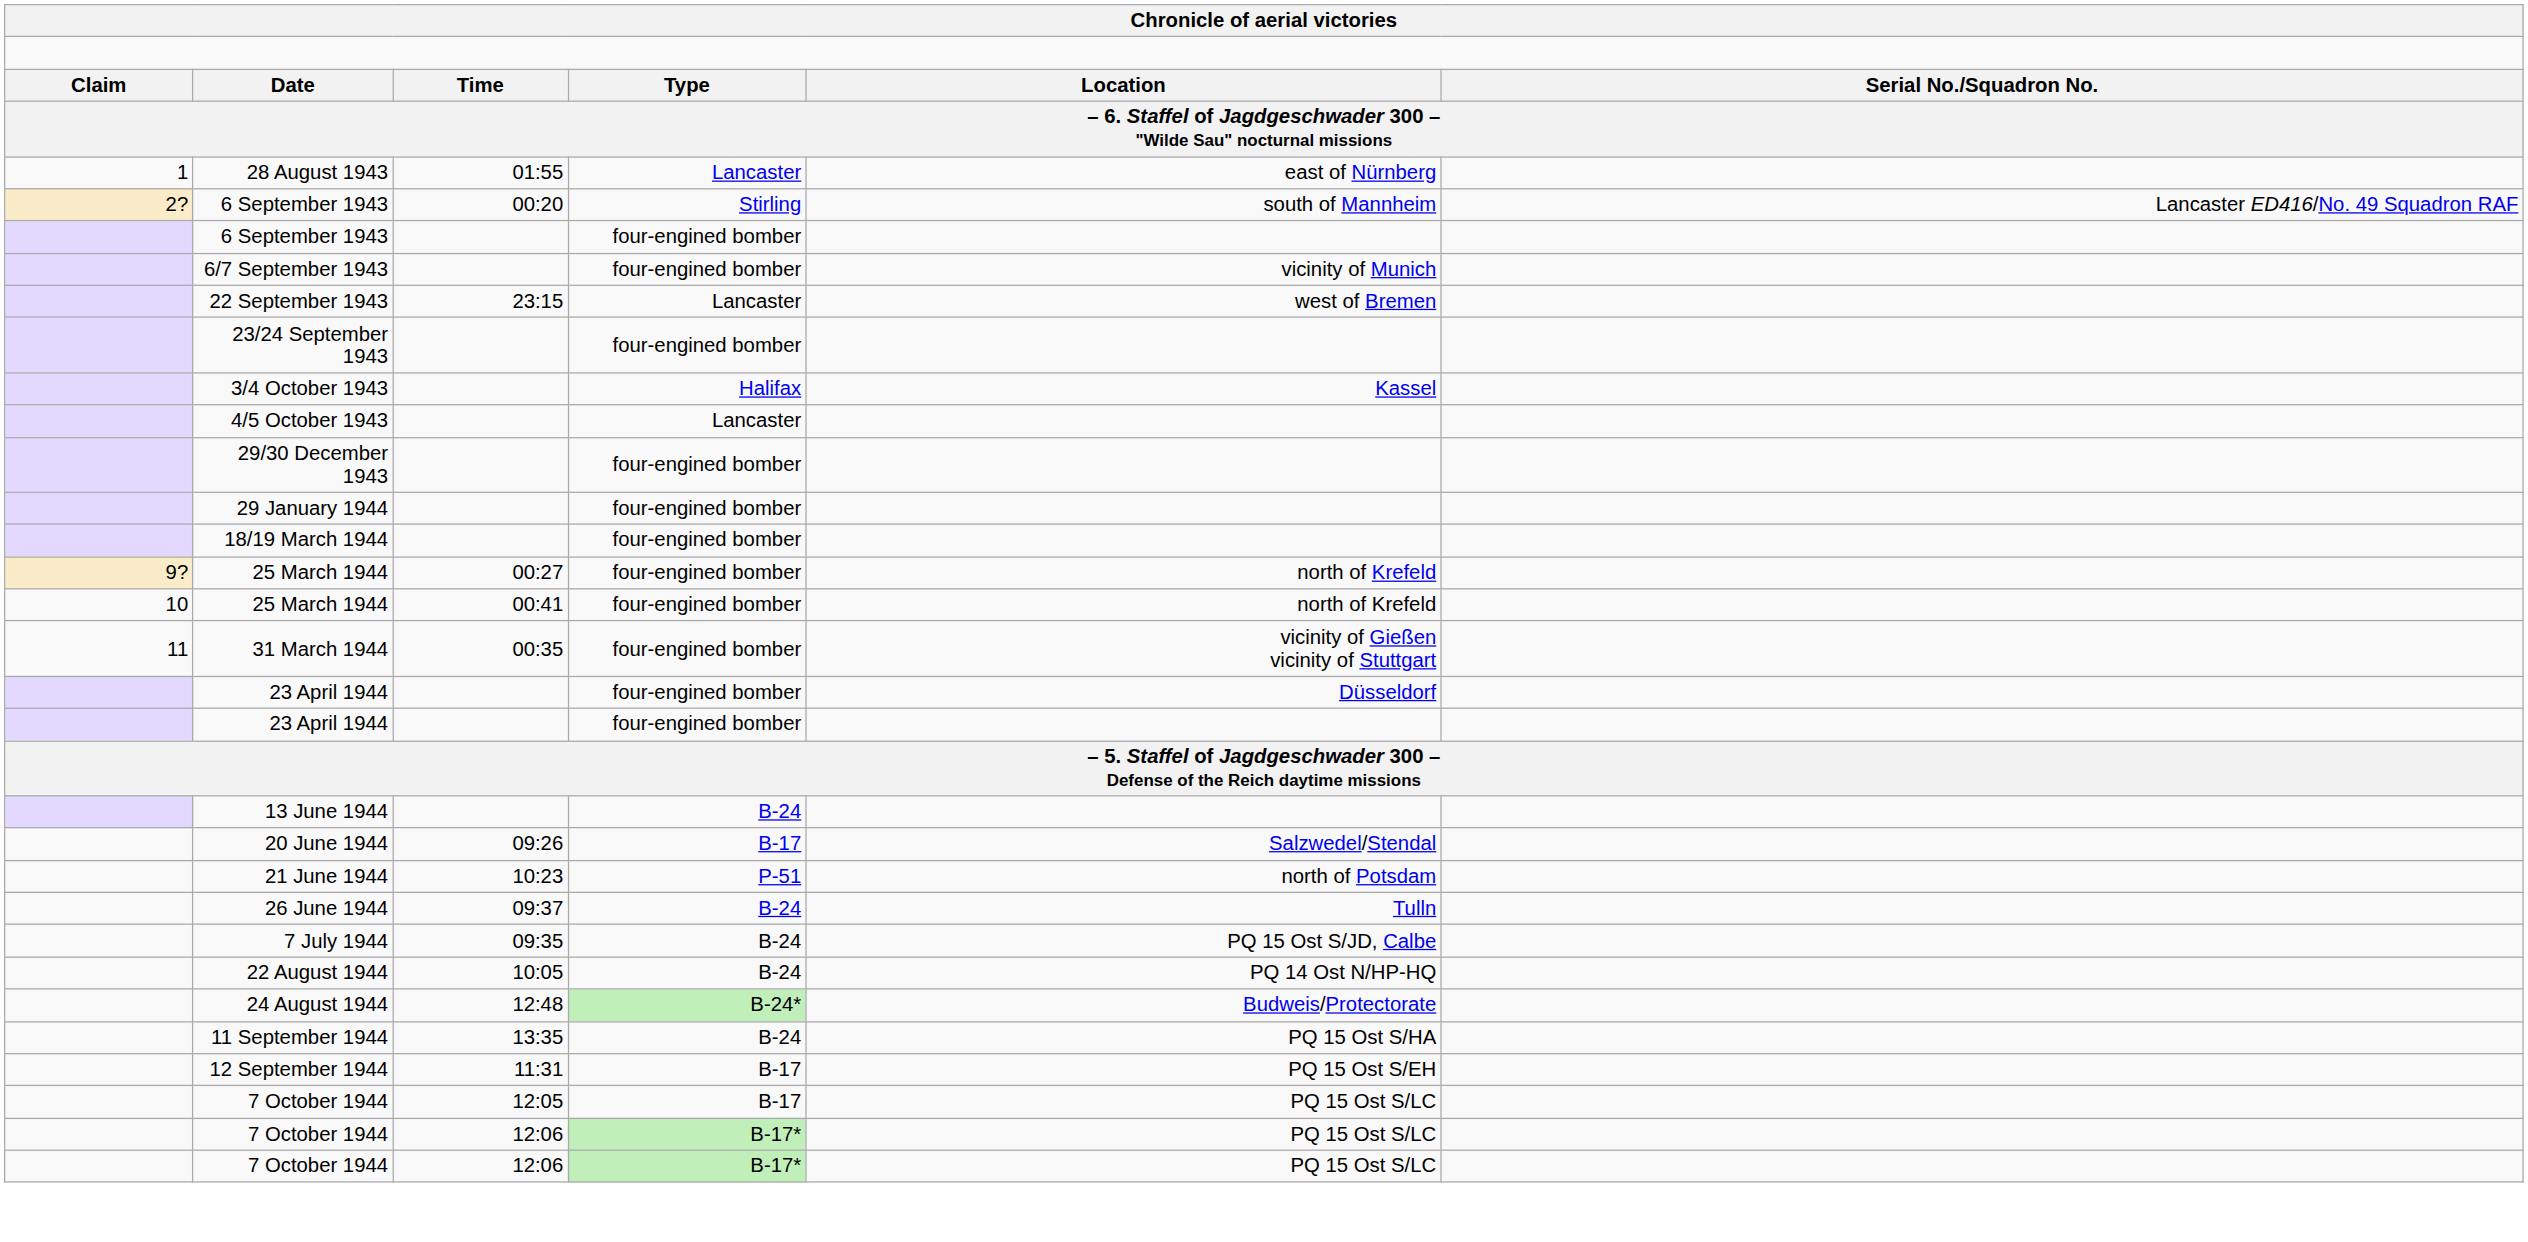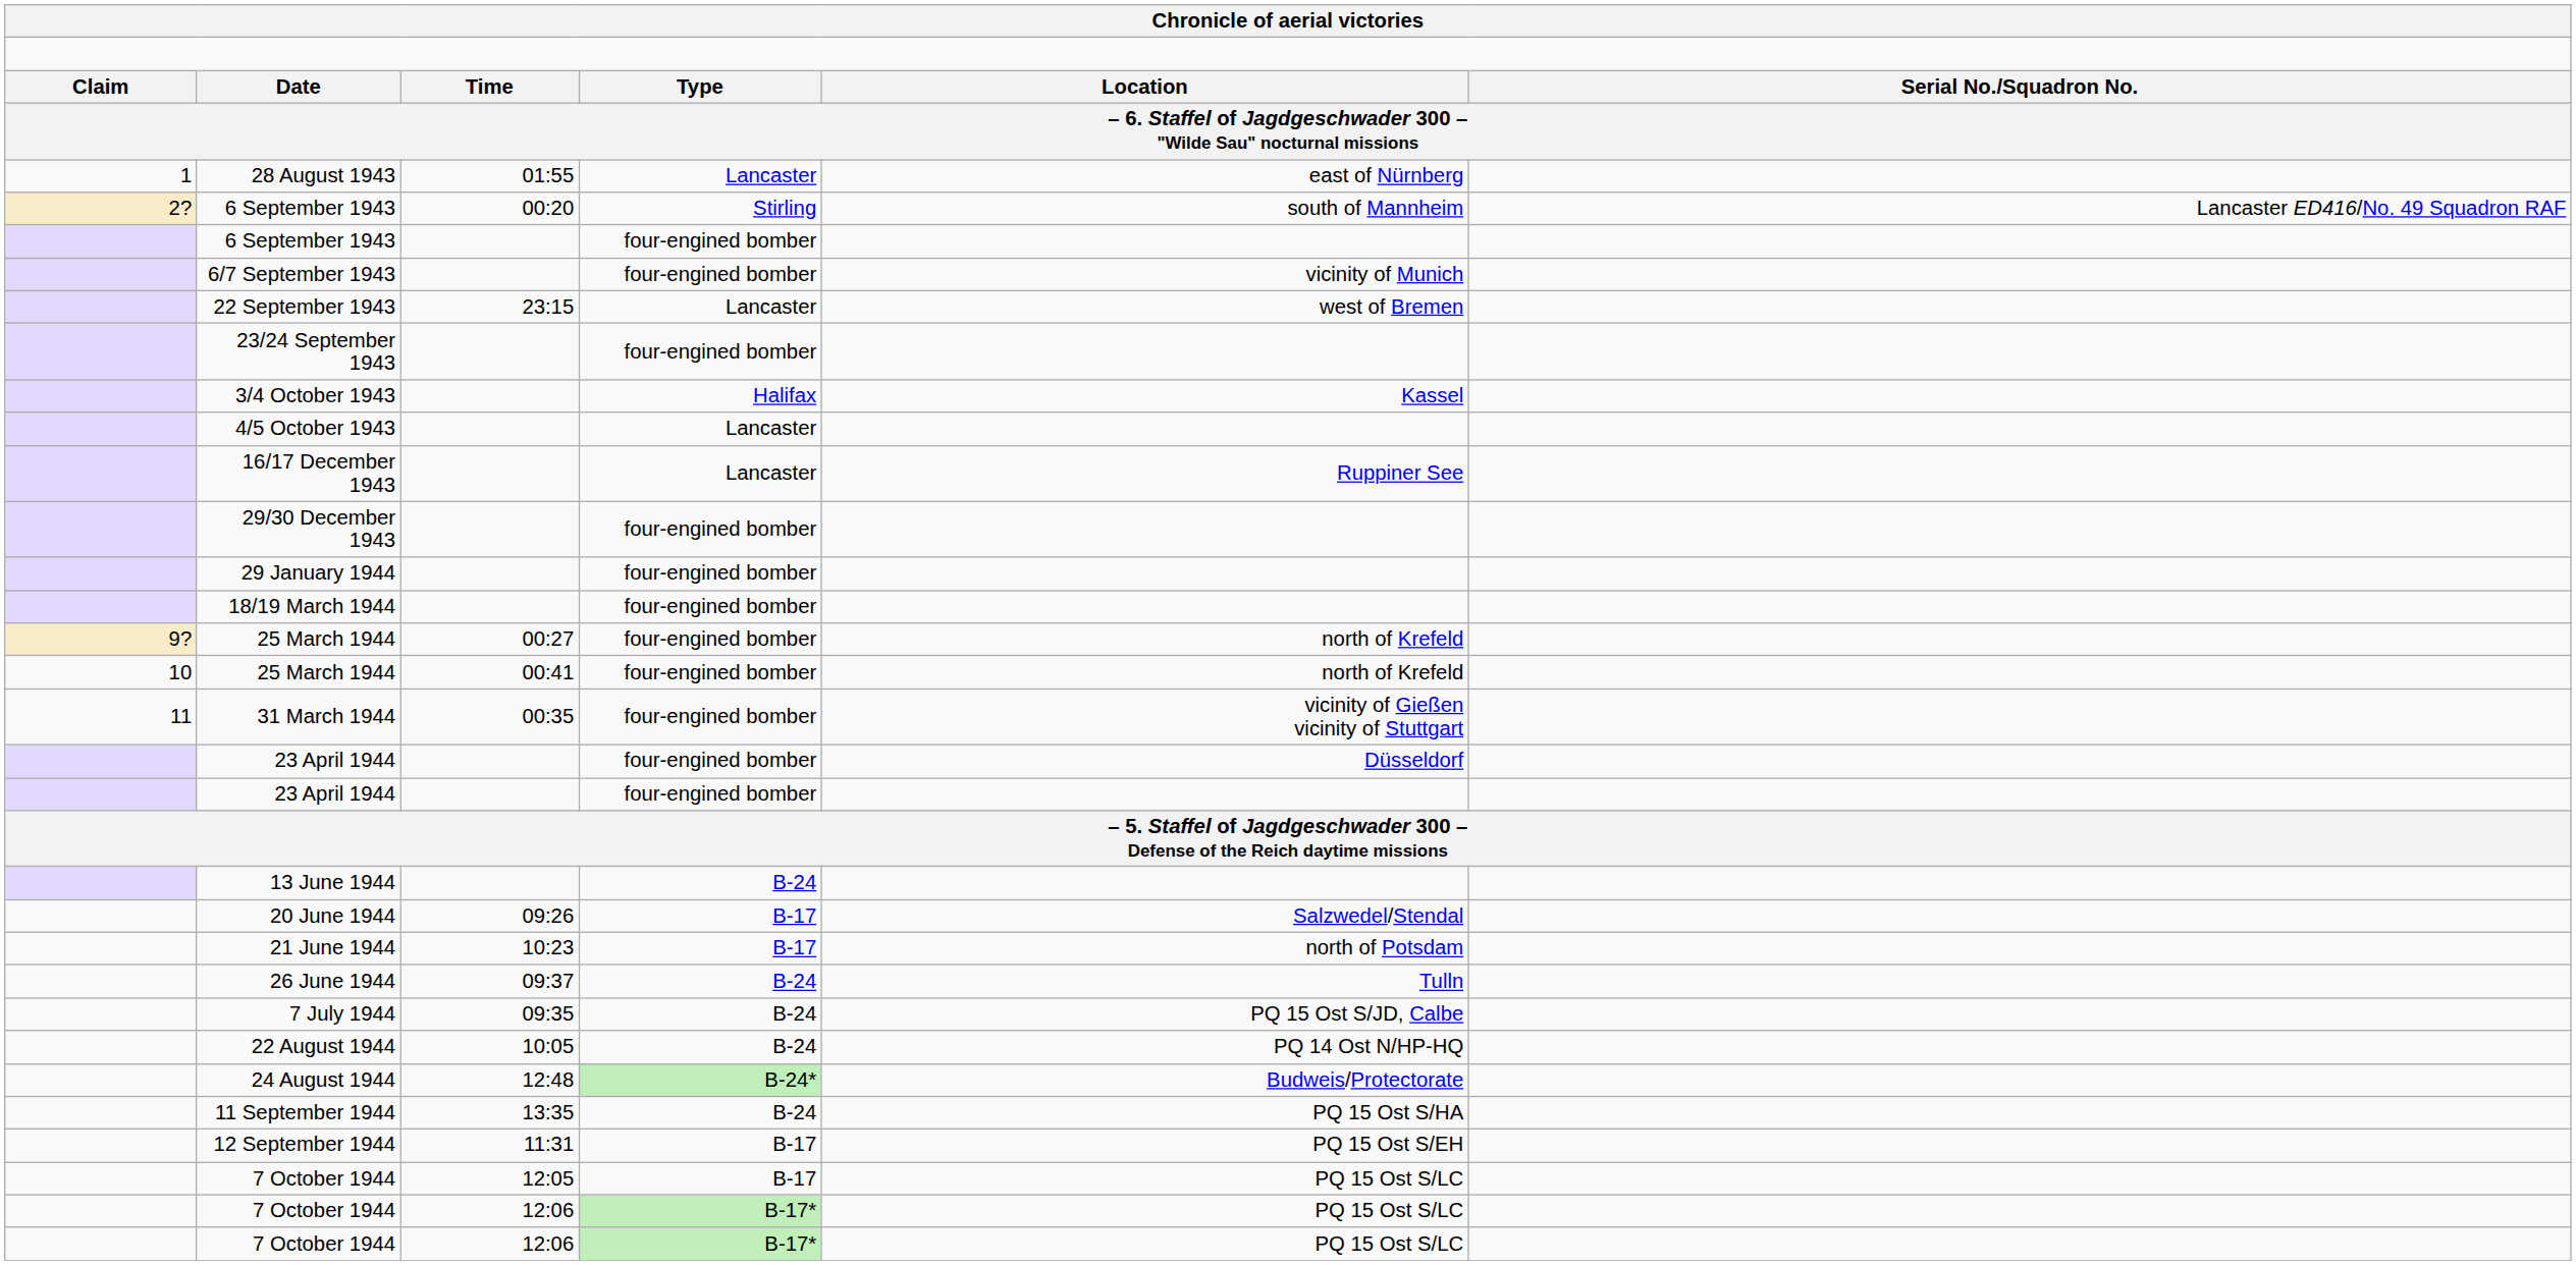 <table class="wikitable plainrowheaders collapsible" style="margin-left: auto; margin-right: auto; border: none; text-align:right; width: 100%;">
 <tr>
 <th colspan="6">Chronicle of aerial victories</th>
 </tr>
 <tr>
 <td colspan="6" style="text-align: left;"><br>  </td>
 </tr>
 <tr>
 <th scope="col">Claim</th>
 <th scope="col" style="width:150px">Date</th>
 <th scope="col">Time</th>
 <th scope="col" style="width:180px">Type</th>
 <th scope="col">Location</th>
 <th scope="col">Serial No./Squadron No.</th>
 </tr>
 <tr>
 <th colspan="6">– 6. <em>Staffel</em> of <em>Jagdgeschwader</em> 300 –<br><small>"Wilde Sau" nocturnal missions</small></th>
 </tr>
 <tr>
 <td>1</td>
 <td>28 August 1943</td>
 <td>01:55</td>
 <td><a href='#'>Lancaster</a></td>
 <td>east of <a href='#'>Nürnberg</a></td>
 <td></td>
 </tr>
 <tr>
 <td style="background:#faecc8">2?</td>
 <td>6 September 1943</td>
 <td>00:20</td>
 <td><a href='#'>Stirling</a></td>
 <td>south of <a href='#'>Mannheim</a></td>
 <td>Lancaster <em>ED416</em>/<a href='#'>No. 49 Squadron RAF</a></td>
 </tr>
 <tr>
 <td style="background:#e3d9ff;"></td>
 <td>6 September 1943</td>
 <td></td>
 <td>four-engined bomber</td>
 <td></td>
 <td></td>
 </tr>
 <tr>
 <td style="background:#e3d9ff;"></td>
 <td>6/7 September 1943</td>
 <td></td>
 <td>four-engined bomber</td>
 <td>vicinity of <a href='#'>Munich</a></td>
 <td></td>
 </tr>
 <tr>
 <td style="background:#e3d9ff;"></td>
 <td>22 September 1943</td>
 <td>23:15</td>
 <td>Lancaster</td>
 <td> west of <a href='#'>Bremen</a></td>
 <td></td>
 </tr>
 <tr>
 <td style="background:#e3d9ff;"></td>
 <td>23/24 September 1943</td>
 <td></td>
 <td>four-engined bomber</td>
 <td></td>
 <td></td>
 </tr>
 <tr>
 <td style="background:#e3d9ff;"></td>
 <td>3/4 October 1943</td>
 <td></td>
 <td><a href='#'>Halifax</a></td>
 <td><a href='#'>Kassel</a></td>
 <td></td>
 </tr>
 <tr>
 <td style="background:#e3d9ff;"></td>
 <td>4/5 October 1943</td>
 <td></td>
 <td>Lancaster</td>
 <td></td>
+<td></td>
+</tr>
+<tr>
+<td style="background:#e3d9ff;"></td>
+<td>16/17 December 1943</td>
+<td></td>
+<td>Lancaster</td>
+<td><a href='#'>Ruppiner See</a></td>
 <td></td>
 </tr>
 <tr>
 <td style="background:#e3d9ff;"></td>
 <td>29/30 December 1943</td>
 <td></td>
 <td>four-engined bomber</td>
 <td></td>
 <td></td>
 </tr>
 <tr>
 <td style="background:#e3d9ff;"></td>
 <td>29 January 1944</td>
 <td></td>
 <td>four-engined bomber</td>
 <td></td>
 <td></td>
 </tr>
 <tr>
 <td style="background:#e3d9ff;"></td>
 <td>18/19 March 1944</td>
 <td></td>
 <td>four-engined bomber</td>
 <td></td>
 <td></td>
 </tr>
 <tr>
 <td style="background:#faecc8">9?</td>
 <td>25 March 1944</td>
 <td>00:27</td>
 <td>four-engined bomber</td>
 <td>north of <a href='#'>Krefeld</a></td>
 <td></td>
 </tr>
 <tr>
 <td>10</td>
 <td>25 March 1944</td>
 <td>00:41</td>
 <td>four-engined bomber</td>
 <td>north of Krefeld</td>
 <td></td>
 </tr>
 <tr>
 <td>11</td>
 <td>31 March 1944</td>
 <td>00:35</td>
 <td>four-engined bomber</td>
 <td>vicinity of <a href='#'>Gießen</a><br>vicinity of <a href='#'>Stuttgart</a></td>
 <td></td>
 </tr>
 <tr>
 <td style="background:#e3d9ff;"></td>
 <td>23 April 1944</td>
 <td></td>
 <td>four-engined bomber</td>
 <td><a href='#'>Düsseldorf</a></td>
 <td></td>
 </tr>
 <tr>
 <td style="background:#e3d9ff;"></td>
 <td>23 April 1944</td>
 <td></td>
 <td>four-engined bomber</td>
 <td></td>
 <td></td>
 </tr>
 <tr>
 <th colspan="6">– 5. <em>Staffel</em> of <em>Jagdgeschwader</em> 300 –<br><small>Defense of the Reich daytime missions</small></th>
 </tr>
 <tr>
 <td style="background:#e3d9ff;"></td>
 <td>13 June 1944</td>
 <td></td>
 <td><a href='#'>B-24</a></td>
 <td></td>
 <td></td>
 </tr>
 <tr>
 <td></td>
 <td>20 June 1944</td>
 <td>09:26</td>
 <td><a href='#'>B-17</a></td>
 <td><a href='#'>Salzwedel</a>/<a href='#'>Stendal</a></td>
 <td></td>
 </tr>
 <tr>
 <td></td>
 <td>21 June 1944</td>
 <td>10:23</td>
-<td><a href='#'>P-51</a></td>
+<td><a href='#'>B-17</a></td>
 <td>north of <a href='#'>Potsdam</a></td>
 <td></td>
 </tr>
 <tr>
 <td></td>
 <td>26 June 1944</td>
 <td>09:37</td>
 <td><a href='#'>B-24</a></td>
 <td><a href='#'>Tulln</a></td>
 <td></td>
 </tr>
 <tr>
 <td></td>
 <td>7 July 1944</td>
 <td>09:35</td>
 <td>B-24</td>
 <td>PQ 15 Ost S/JD,  <a href='#'>Calbe</a></td>
 <td></td>
 </tr>
 <tr>
 <td></td>
 <td>22 August 1944</td>
 <td>10:05</td>
 <td>B-24</td>
 <td>PQ 14 Ost N/HP-HQ</td>
 <td></td>
 </tr>
 <tr>
 <td></td>
 <td>24 August 1944</td>
 <td>12:48</td>
 <td style="background:#C0EFBA">B-24*</td>
 <td><a href='#'>Budweis</a>/<a href='#'>Protectorate</a></td>
 <td></td>
 </tr>
 <tr>
 <td></td>
 <td>11 September 1944</td>
 <td>13:35</td>
 <td>B-24</td>
 <td>PQ 15 Ost S/HA</td>
 <td></td>
 </tr>
 <tr>
 <td></td>
 <td>12 September 1944</td>
 <td>11:31</td>
 <td>B-17</td>
 <td>PQ 15 Ost S/EH</td>
 <td></td>
 </tr>
 <tr>
 <td></td>
 <td>7 October 1944</td>
 <td>12:05</td>
 <td>B-17</td>
 <td>PQ 15 Ost S/LC</td>
 <td></td>
 </tr>
 <tr>
 <td></td>
 <td>7 October 1944</td>
 <td>12:06</td>
 <td style="background:#C0EFBA">B-17*</td>
 <td>PQ 15 Ost S/LC</td>
 <td></td>
 </tr>
 <tr>
 <td></td>
 <td>7 October 1944</td>
 <td>12:06</td>
 <td style="background:#C0EFBA">B-17*</td>
 <td>PQ 15 Ost S/LC</td>
 <td></td>
 </tr>
 </table>
